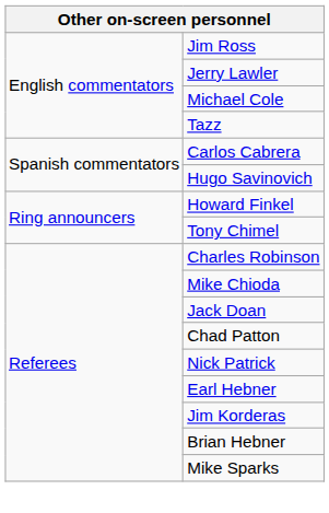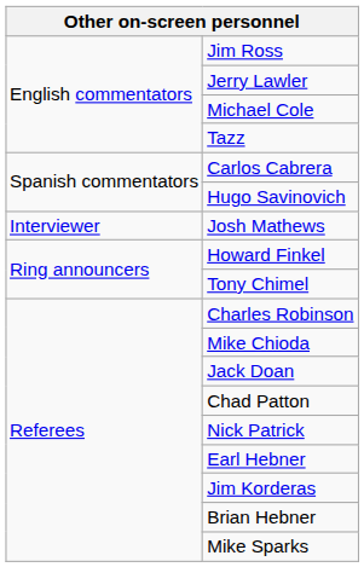 <table align="right" class="wikitable" style="border:1px; font-size:90%; margin-left:1em;">
 <tr>
 <th colspan=2 width=250><strong>Other on-screen personnel</strong></th>
 </tr>
 <tr>
 <td rowspan=4>English <a href='#'>commentators</a></td>
 <td><a href='#'>Jim Ross</a> </td>
 </tr>
 <tr>
 <td><a href='#'>Jerry Lawler</a> </td>
 </tr>
 <tr>
 <td><a href='#'>Michael Cole</a> </td>
 </tr>
 <tr>
 <td><a href='#'>Tazz</a> </td>
 </tr>
 <tr>
 <td rowspan=2>Spanish commentators</td>
 <td><a href='#'>Carlos Cabrera</a></td>
 </tr>
 <tr>
 <td><a href='#'>Hugo Savinovich</a></td>
+</tr>
+<tr>
+<td><a href='#'>Interviewer</a></td>
+<td><a href='#'>Josh Mathews</a></td>
 </tr>
 <tr>
 <td rowspan=2><a href='#'>Ring announcers</a></td>
 <td><a href='#'>Howard Finkel</a> </td>
 </tr>
 <tr>
 <td><a href='#'>Tony Chimel</a> </td>
 </tr>
 <tr>
 <td rowspan=9><a href='#'>Referees</a></td>
 <td><a href='#'>Charles Robinson</a> </td>
 </tr>
 <tr>
 <td><a href='#'>Mike Chioda</a> </td>
 </tr>
 <tr>
 <td><a href='#'>Jack Doan</a> </td>
 </tr>
 <tr>
 <td>Chad Patton </td>
 </tr>
 <tr>
 <td><a href='#'>Nick Patrick</a> </td>
 </tr>
 <tr>
 <td><a href='#'>Earl Hebner</a> </td>
 </tr>
 <tr>
 <td><a href='#'>Jim Korderas</a> </td>
 </tr>
 <tr>
 <td>Brian Hebner </td>
 </tr>
 <tr>
 <td>Mike Sparks </td>
 </tr>
 </table>
